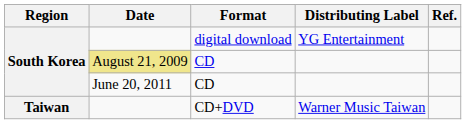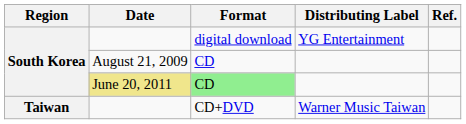 <table class="wikitable plainrowheaders">
 <tr>
 <th>Region</th>
 <th>Date</th>
 <th>Format</th>
 <th>Distributing Label</th>
 <th>Ref.</th>
 </tr>
 <tr>
 <th scope="row" rowspan="3">South Korea</th>
 <td></td>
 <td><a href='#'>digital download</a></td>
 <td><a href='#'>YG Entertainment</a></td>
 <td align="center"></td>
 </tr>
 <tr>
-<td style="background: khaki;">August 21, 2009</td>
+<td>August 21, 2009</td>
 <td><a href='#'>CD</a></td>
 <td></td>
 <td align="center"></td>
 </tr>
 <tr>
-<td>June 20, 2011 </td>
-<td>CD</td>
+<td style="background: khaki;">June 20, 2011 </td>
+<td style="background: lightgreen;">CD</td>
 <td></td>
 <td align="center"></td>
 </tr>
 <tr>
 <th scope="row">Taiwan</th>
 <td></td>
 <td>CD+<a href='#'>DVD</a> </td>
 <td><a href='#'>Warner Music Taiwan</a></td>
 <td align="center"></td>
 </tr>
 </table>
